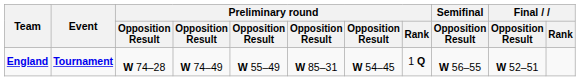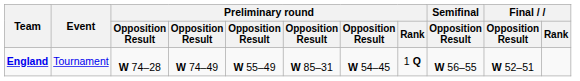 <table class=wikitable style=font-size:90%;text-align:center>
 <tr>
 <th rowspan=2>Team</th>
 <th rowspan=2>Event</th>
 <th colspan=6>Preliminary round</th>
 <th>Semifinal</th>
 <th colspan=2>Final /  / </th>
 </tr>
 <tr style=font-size:95%>
 <th>Opposition<br>Result</th>
 <th>Opposition<br>Result</th>
 <th>Opposition<br>Result</th>
 <th>Opposition<br>Result</th>
 <th>Opposition<br>Result</th>
 <th>Rank</th>
 <th>Opposition<br>Result</th>
 <th>Opposition<br>Result</th>
 <th>Rank</th>
 </tr>
 <tr>
 <td align=left><strong><a href='#'>England</a></strong></td>
-<td align=left><strong><a href='#'>Tournament</a></strong></td>
+<td align=left><a href='#'>Tournament</a></td>
 <td><br><strong>W</strong> 74–28</td>
 <td><br><strong>W</strong> 74–49</td>
 <td><br><strong>W</strong> 55–49</td>
 <td><br><strong>W</strong> 85–31</td>
 <td><br><strong>W</strong> 54–45</td>
 <td>1 <strong>Q</strong></td>
 <td><br><strong>W</strong> 56–55</td>
 <td><br><strong>W</strong> 52–51</td>
 <td></td>
 </tr>
 </table>
